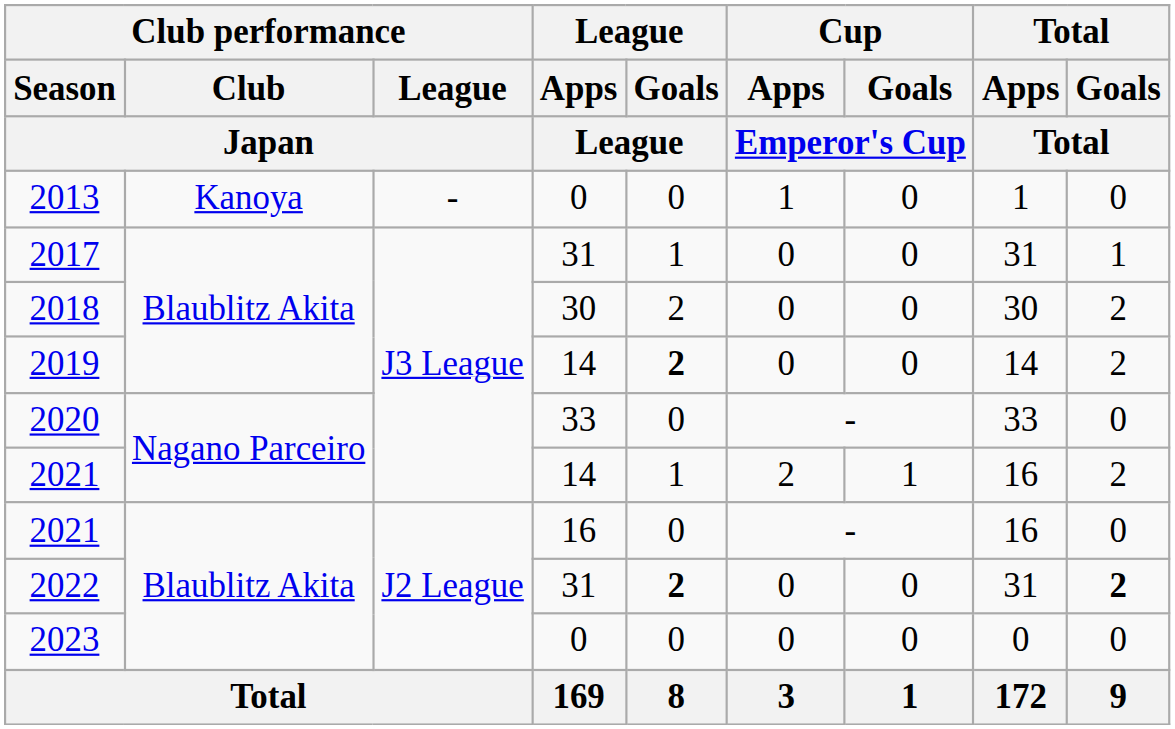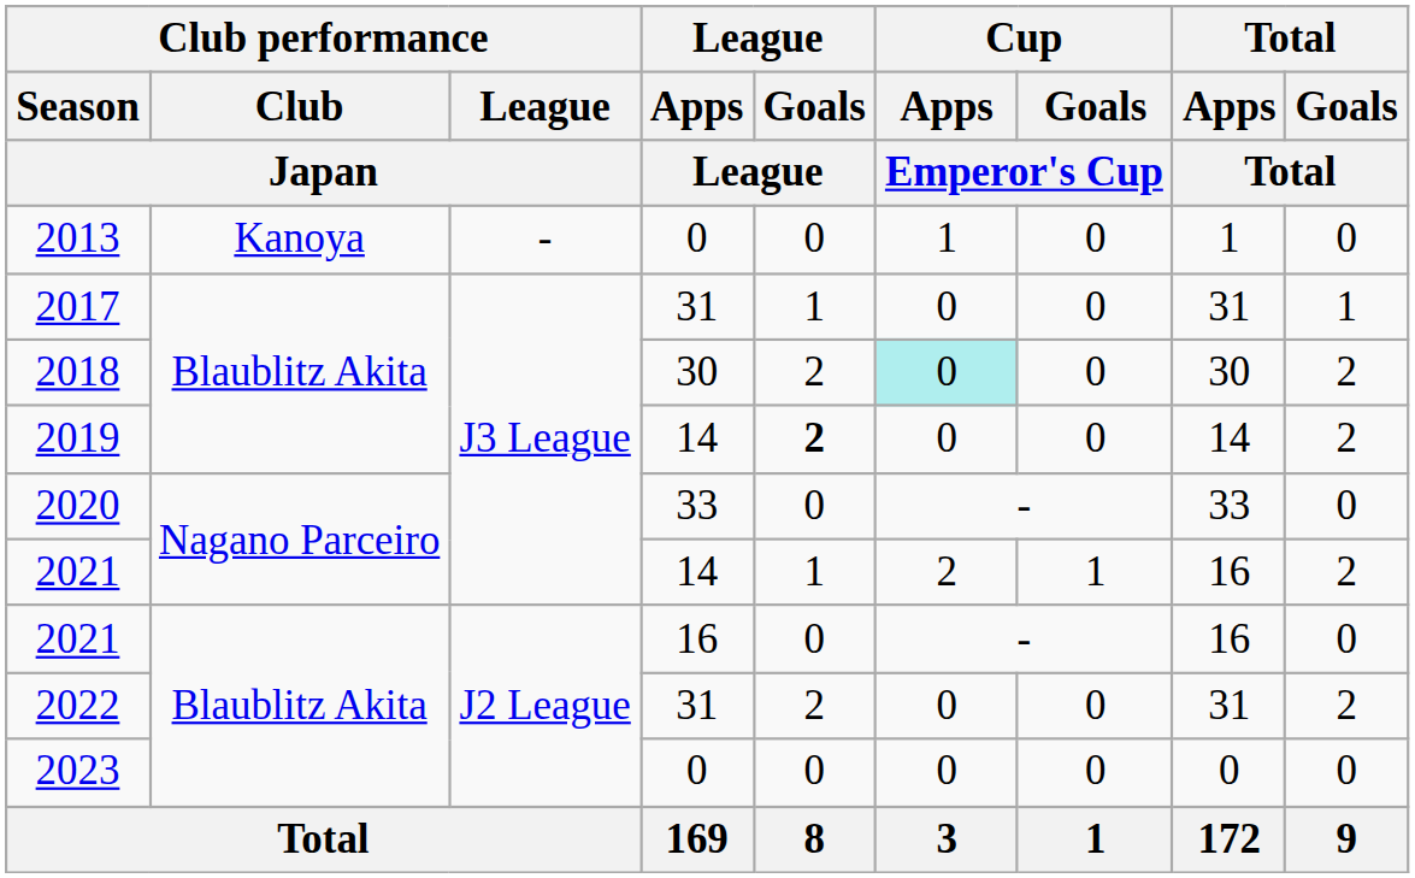 <table class="wikitable" style="text-align:center;">
 <tr>
 <th colspan=3>Club performance</th>
 <th colspan=2>League</th>
 <th colspan=2>Cup</th>
 <th colspan=2>Total</th>
 </tr>
 <tr>
 <th>Season</th>
 <th>Club</th>
 <th>League</th>
 <th>Apps</th>
 <th>Goals</th>
 <th>Apps</th>
 <th>Goals</th>
 <th>Apps</th>
 <th>Goals</th>
 </tr>
 <tr>
 <th colspan=3>Japan</th>
 <th colspan=2>League</th>
 <th colspan=2><a href='#'>Emperor's Cup</a></th>
 <th colspan=2>Total</th>
 </tr>
 <tr>
 <td><a href='#'>2013</a></td>
 <td><a href='#'>Kanoya</a></td>
 <td>-</td>
 <td>0</td>
 <td>0</td>
 <td>1</td>
 <td>0</td>
 <td>1</td>
 <td>0</td>
 </tr>
 <tr>
 <td><a href='#'>2017</a></td>
 <td rowspan="3"><a href='#'>Blaublitz Akita</a></td>
 <td rowspan="5"><a href='#'>J3 League</a></td>
 <td>31</td>
 <td>1</td>
 <td>0</td>
 <td>0</td>
 <td>31</td>
 <td>1</td>
 </tr>
 <tr>
 <td><a href='#'>2018</a></td>
 <td>30</td>
 <td>2</td>
-<td>0</td>
+<td style="background: paleturquoise;">0</td>
 <td>0</td>
 <td>30</td>
 <td>2</td>
 </tr>
 <tr>
 <td><a href='#'>2019</a></td>
 <td>14</td>
 <td><strong>2</strong></td>
 <td>0</td>
 <td>0</td>
 <td>14</td>
 <td>2</td>
 </tr>
 <tr>
 <td><a href='#'>2020</a></td>
 <td rowspan="2"><a href='#'>Nagano Parceiro</a></td>
 <td>33</td>
 <td>0</td>
 <td colspan=2>-</td>
 <td>33</td>
 <td>0</td>
 </tr>
 <tr>
 <td><a href='#'>2021</a></td>
 <td>14</td>
 <td>1</td>
 <td>2</td>
 <td>1</td>
 <td>16</td>
 <td>2</td>
 </tr>
 <tr>
 <td><a href='#'>2021</a></td>
 <td rowspan=3><a href='#'>Blaublitz Akita</a></td>
 <td rowspan=3><a href='#'>J2 League</a></td>
 <td>16</td>
 <td>0</td>
 <td colspan=2>-</td>
 <td>16</td>
 <td>0</td>
 </tr>
 <tr>
 <td><a href='#'>2022</a></td>
 <td>31</td>
-<td><strong>2</strong></td>
+<td>2</td>
 <td>0</td>
 <td>0</td>
 <td>31</td>
-<td><strong>2</strong></td>
+<td>2</td>
 </tr>
 <tr>
 <td><a href='#'>2023</a></td>
 <td>0</td>
 <td>0</td>
 <td>0</td>
 <td>0</td>
 <td>0</td>
 <td>0</td>
 </tr>
 <tr>
 <th colspan=3>Total</th>
 <th>169</th>
 <th>8</th>
 <th>3</th>
 <th>1</th>
 <th>172</th>
 <th>9</th>
 </tr>
 </table>
